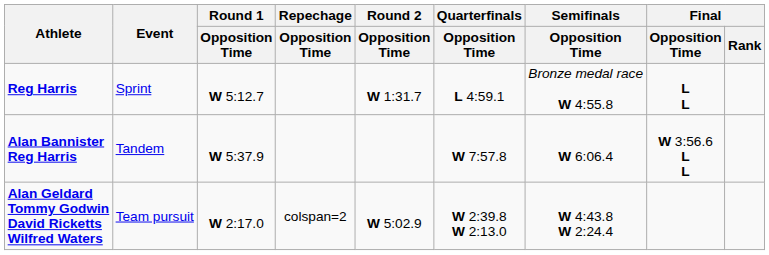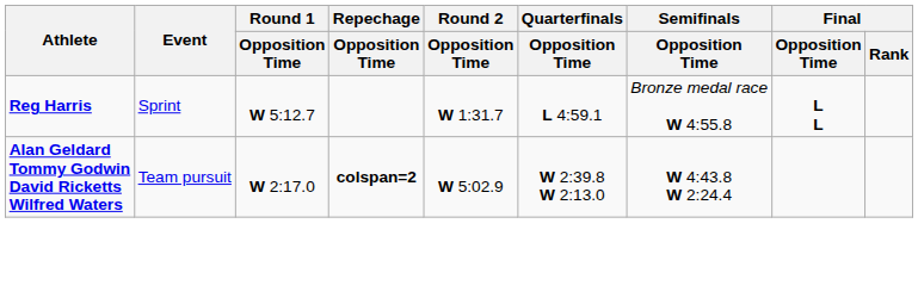 <table class=wikitable style=font-size:90%;text-align:center>
 <tr>
 <th rowspan=2>Athlete</th>
 <th rowspan=2>Event</th>
 <th>Round 1</th>
 <th>Repechage</th>
 <th>Round 2</th>
 <th>Quarterfinals</th>
 <th>Semifinals</th>
 <th colspan=2>Final</th>
 </tr>
 <tr>
 <th>Opposition<br>Time</th>
 <th>Opposition<br>Time</th>
 <th>Opposition<br>Time</th>
 <th>Opposition<br>Time</th>
 <th>Opposition<br>Time</th>
 <th>Opposition<br>Time</th>
 <th>Rank</th>
 </tr>
 <tr>
 <td align=left><strong><a href='#'>Reg Harris</a></strong></td>
 <td align=left><a href='#'>Sprint</a></td>
 <td><br><strong>W</strong> 5:12.7</td>
 <td></td>
 <td><br><strong>W</strong> 1:31.7</td>
 <td><br><strong>L</strong> 4:59.1</td>
 <td><em>Bronze medal race</em><br><br><strong>W</strong> 4:55.8</td>
 <td><br><strong>L</strong><br><strong>L</strong></td>
 <td></td>
 </tr>
 <tr>
-<td align=left><strong><a href='#'>Alan Bannister</a><br><a href='#'>Reg Harris</a></strong></td>
-<td align=left><a href='#'>Tandem</a></td>
-<td><br><strong>W</strong> 5:37.9</td>
-<td></td>
-<td></td>
-<td><br><strong>W</strong> 7:57.8</td>
-<td><br><strong>W</strong> 6:06.4</td>
-<td><br><strong>W</strong> 3:56.6<br><strong>L</strong><br><strong>L</strong></td>
-<td></td>
-</tr>
-<tr>
 <td align=left><strong><a href='#'>Alan Geldard</a><br><a href='#'>Tommy Godwin</a><br><a href='#'>David Ricketts</a><br><a href='#'>Wilfred Waters</a></strong></td>
 <td align=left><a href='#'>Team pursuit</a></td>
 <td><br><strong>W</strong> 2:17.0</td>
-<td>colspan=2 </td>
+<td><strong>colspan=2 </strong></td>
 <td><br><strong>W</strong> 5:02.9</td>
 <td><br><strong>W</strong> 2:39.8<br><strong>W</strong> 2:13.0</td>
 <td><br><strong>W</strong> 4:43.8<br><strong>W</strong> 2:24.4</td>
 <td></td>
 </tr>
 </table>
